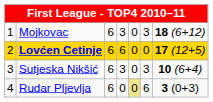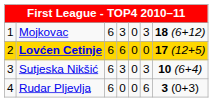 <table class="wikitable" style="text-align:center">
 <tr>
 <th colspan=10 style="background:red;color:white;">First League - TOP4 2010–11</th>
 </tr>
 <tr>
 <td>1</td>
 <td align=left><a href='#'>Mojkovac</a></td>
 <td>6</td>
 <td>3</td>
 <td>0</td>
 <td>3</td>
 <td><strong>18</strong> <em>(6+12)</em></td>
 </tr>
 <tr style="background:gold;">
 <td>2</td>
 <td align=left><strong><a href='#'>Lovćen Cetinje</a></strong></td>
 <td>6</td>
 <td>6</td>
 <td>0</td>
 <td>0</td>
 <td><strong>17</strong> <em>(12+5)</em></td>
 </tr>
 <tr>
 <td>3</td>
 <td align=left><a href='#'>Sutjeska Nikšić</a></td>
 <td>6</td>
 <td>3</td>
 <td>0</td>
 <td>3</td>
 <td><strong>10</strong> <em>(6+4)</em></td>
 </tr>
 <tr>
 <td>4</td>
 <td align=left><a href='#'>Rudar Pljevlja</a></td>
 <td>6</td>
 <td>0</td>
-<td style="background: khaki;">0</td>
+<td>0</td>
 <td>6</td>
 <td><strong>3</strong> (0+3)</td>
 </tr>
 </table>
